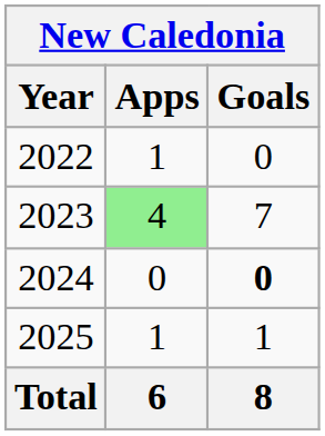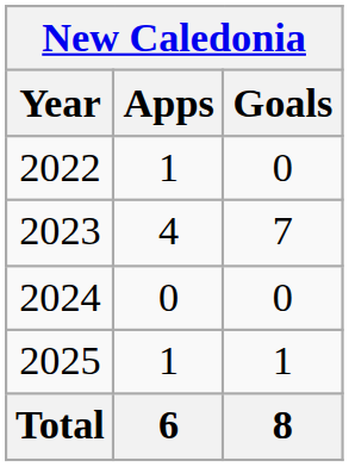 <table class="wikitable" style="text-align:center">
 <tr>
 <th colspan=3><a href='#'>New Caledonia</a></th>
 </tr>
 <tr>
 <th>Year</th>
 <th>Apps</th>
 <th>Goals</th>
 </tr>
 <tr>
 <td>2022</td>
 <td>1</td>
 <td>0</td>
 </tr>
 <tr>
 <td>2023</td>
-<td style="background: lightgreen;">4</td>
+<td>4</td>
 <td>7</td>
 </tr>
 <tr>
 <td>2024</td>
 <td>0</td>
-<td><strong>0</strong></td>
+<td>0</td>
 </tr>
 <tr>
 <td>2025</td>
 <td>1</td>
 <td>1</td>
 </tr>
 <tr>
 <th>Total</th>
 <th>6</th>
 <th>8</th>
 </tr>
 </table>
